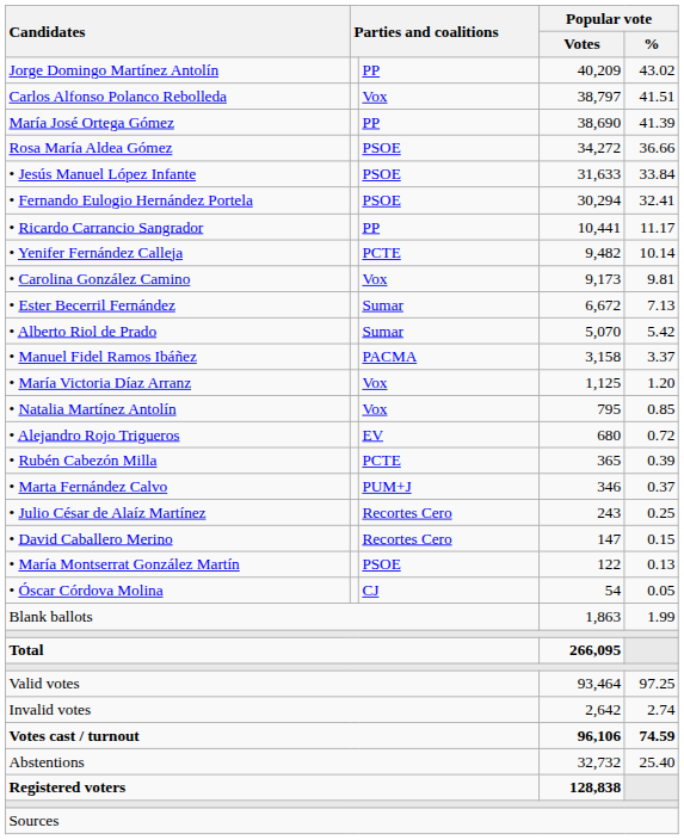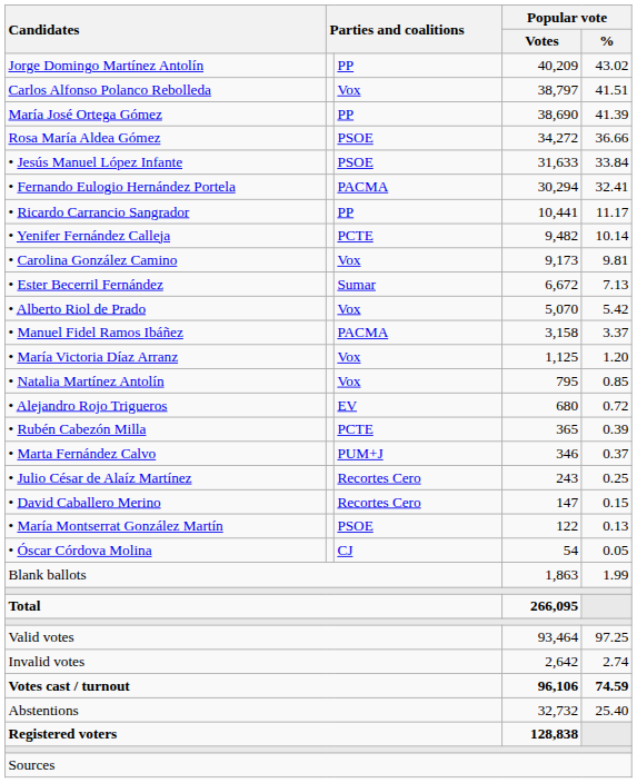 <table class="wikitable" style="text-align:right; font-size:95%;">
 <tr>
 <th style="text-align:left;" rowspan="2" width="325">Candidates</th>
 <th style="text-align:left;" rowspan="2" colspan="2" width="175">Parties and coalitions</th>
 <th colspan="2">Popular vote</th>
 </tr>
 <tr>
 <th width="75">Votes</th>
 <th width="45">%</th>
 </tr>
 <tr>
 <td align="left"> <a href='#'>Jorge Domingo Martínez Antolín</a></td>
 <td width="1" style="color:inherit;background:"></td>
 <td align="left"><a href='#'>PP</a></td>
 <td>40,209</td>
 <td>43.02</td>
 </tr>
 <tr>
 <td align="left"> <a href='#'>Carlos Alfonso Polanco Rebolleda</a></td>
 <td width="1" style="color:inherit;background:"></td>
 <td align="left"><a href='#'>Vox</a></td>
 <td>38,797</td>
 <td>41.51</td>
 </tr>
 <tr>
 <td align="left"> <a href='#'>María José Ortega Gómez</a></td>
 <td width="1" style="color:inherit;background:"></td>
 <td align="left"><a href='#'>PP</a></td>
 <td>38,690</td>
 <td>41.39</td>
 </tr>
 <tr>
 <td align="left"> <a href='#'>Rosa María Aldea Gómez</a></td>
 <td width="1" style="color:inherit;background:"></td>
 <td align="left"><a href='#'>PSOE</a></td>
 <td>34,272</td>
 <td>36.66</td>
 </tr>
 <tr>
 <td align="left">• <a href='#'>Jesús Manuel López Infante</a></td>
 <td width="1" style="color:inherit;background:"></td>
 <td align="left"><a href='#'>PSOE</a></td>
 <td>31,633</td>
 <td>33.84</td>
 </tr>
 <tr>
 <td align="left">• <a href='#'>Fernando Eulogio Hernández Portela</a></td>
 <td width="1" style="color:inherit;background:"></td>
-<td align="left"><a href='#'>PSOE</a></td>
+<td align="left"><a href='#'>PACMA</a></td>
 <td>30,294</td>
 <td>32.41</td>
 </tr>
 <tr>
 <td align="left">• <a href='#'>Ricardo Carrancio Sangrador</a></td>
 <td width="1" style="color:inherit;background:"></td>
 <td align="left"><a href='#'>PP</a></td>
 <td>10,441</td>
 <td>11.17</td>
 </tr>
 <tr>
 <td align="left">• <a href='#'>Yenifer Fernández Calleja</a></td>
 <td width="1" style="color:inherit;background:"></td>
 <td align="left"><a href='#'>PCTE</a></td>
 <td>9,482</td>
 <td>10.14</td>
 </tr>
 <tr>
 <td align="left">• <a href='#'>Carolina González Camino</a></td>
 <td width="1" style="color:inherit;background:"></td>
 <td align="left"><a href='#'>Vox</a></td>
 <td>9,173</td>
 <td>9.81</td>
 </tr>
 <tr>
 <td align="left">• <a href='#'>Ester Becerril Fernández</a></td>
 <td width="1" style="color:inherit;background:"></td>
 <td align="left"><a href='#'>Sumar</a></td>
 <td>6,672</td>
 <td>7.13</td>
 </tr>
 <tr>
 <td align="left">• <a href='#'>Alberto Riol de Prado</a></td>
 <td width="1" style="color:inherit;background:"></td>
-<td align="left"><a href='#'>Sumar</a></td>
+<td align="left"><a href='#'>Vox</a></td>
 <td>5,070</td>
 <td>5.42</td>
 </tr>
 <tr>
 <td align="left">• <a href='#'>Manuel Fidel Ramos Ibáñez</a></td>
 <td width="1" style="color:inherit;background:"></td>
 <td align="left"><a href='#'>PACMA</a></td>
 <td>3,158</td>
 <td>3.37</td>
 </tr>
 <tr>
 <td align="left">• <a href='#'>María Victoria Díaz Arranz</a></td>
 <td width="1" style="color:inherit;background:"></td>
 <td align="left"><a href='#'>Vox</a></td>
 <td>1,125</td>
 <td>1.20</td>
 </tr>
 <tr>
 <td align="left">• <a href='#'>Natalia Martínez Antolín</a></td>
 <td width="1" style="color:inherit;background:"></td>
 <td align="left"><a href='#'>Vox</a></td>
 <td>795</td>
 <td>0.85</td>
 </tr>
 <tr>
 <td align="left">• <a href='#'>Alejandro Rojo Trigueros</a></td>
 <td width="1" style="color:inherit;background:"></td>
 <td align="left"><a href='#'>EV</a></td>
 <td>680</td>
 <td>0.72</td>
 </tr>
 <tr>
 <td align="left">• <a href='#'>Rubén Cabezón Milla</a></td>
 <td width="1" style="color:inherit;background:"></td>
 <td align="left"><a href='#'>PCTE</a></td>
 <td>365</td>
 <td>0.39</td>
 </tr>
 <tr>
 <td align="left">• <a href='#'>Marta Fernández Calvo</a></td>
 <td width="1" style="color:inherit;background:"></td>
 <td align="left"><a href='#'>PUM+J</a></td>
 <td>346</td>
 <td>0.37</td>
 </tr>
 <tr>
 <td align="left">• <a href='#'>Julio César de Alaíz Martínez</a></td>
 <td width="1" style="color:inherit;background:"></td>
 <td align="left"><a href='#'>Recortes Cero</a></td>
 <td>243</td>
 <td>0.25</td>
 </tr>
 <tr>
 <td align="left">• <a href='#'>David Caballero Merino</a></td>
 <td width="1" style="color:inherit;background:"></td>
 <td align="left"><a href='#'>Recortes Cero</a></td>
 <td>147</td>
 <td>0.15</td>
 </tr>
 <tr>
 <td align="left">• <a href='#'>María Montserrat González Martín</a></td>
 <td width="1" style="color:inherit;background:"></td>
 <td align="left"><a href='#'>PSOE</a></td>
 <td>122</td>
 <td>0.13</td>
 </tr>
 <tr>
 <td align="left">• <a href='#'>Óscar Córdova Molina</a></td>
 <td width="1" style="color:inherit;background:"></td>
 <td align="left"><a href='#'>CJ</a></td>
 <td>54</td>
 <td>0.05</td>
 </tr>
 <tr>
 <td align="left" colspan="3">Blank ballots</td>
 <td>1,863</td>
 <td>1.99</td>
 </tr>
 <tr>
 <td colspan="5" bgcolor="#E9E9E9"></td>
 </tr>
 <tr style="font-weight:bold;">
 <td align="left" colspan="3">Total</td>
 <td>266,095</td>
 <td bgcolor="#E9E9E9"></td>
 </tr>
 <tr>
 <td colspan="5" bgcolor="#E9E9E9"></td>
 </tr>
 <tr>
 <td align="left" colspan="3">Valid votes</td>
 <td>93,464</td>
 <td>97.25</td>
 </tr>
 <tr>
 <td align="left" colspan="3">Invalid votes</td>
 <td>2,642</td>
 <td>2.74</td>
 </tr>
 <tr style="font-weight:bold;">
 <td align="left" colspan="3">Votes cast / turnout</td>
 <td>96,106</td>
 <td>74.59</td>
 </tr>
 <tr>
 <td align="left" colspan="3">Abstentions</td>
 <td>32,732</td>
 <td>25.40</td>
 </tr>
 <tr style="font-weight:bold;">
 <td align="left" colspan="3">Registered voters</td>
 <td>128,838</td>
 <td bgcolor="#E9E9E9"></td>
 </tr>
 <tr>
 <td colspan="5" bgcolor="#E9E9E9"></td>
 </tr>
 <tr>
 <td align="left" colspan="5">Sources</td>
 </tr>
 </table>
